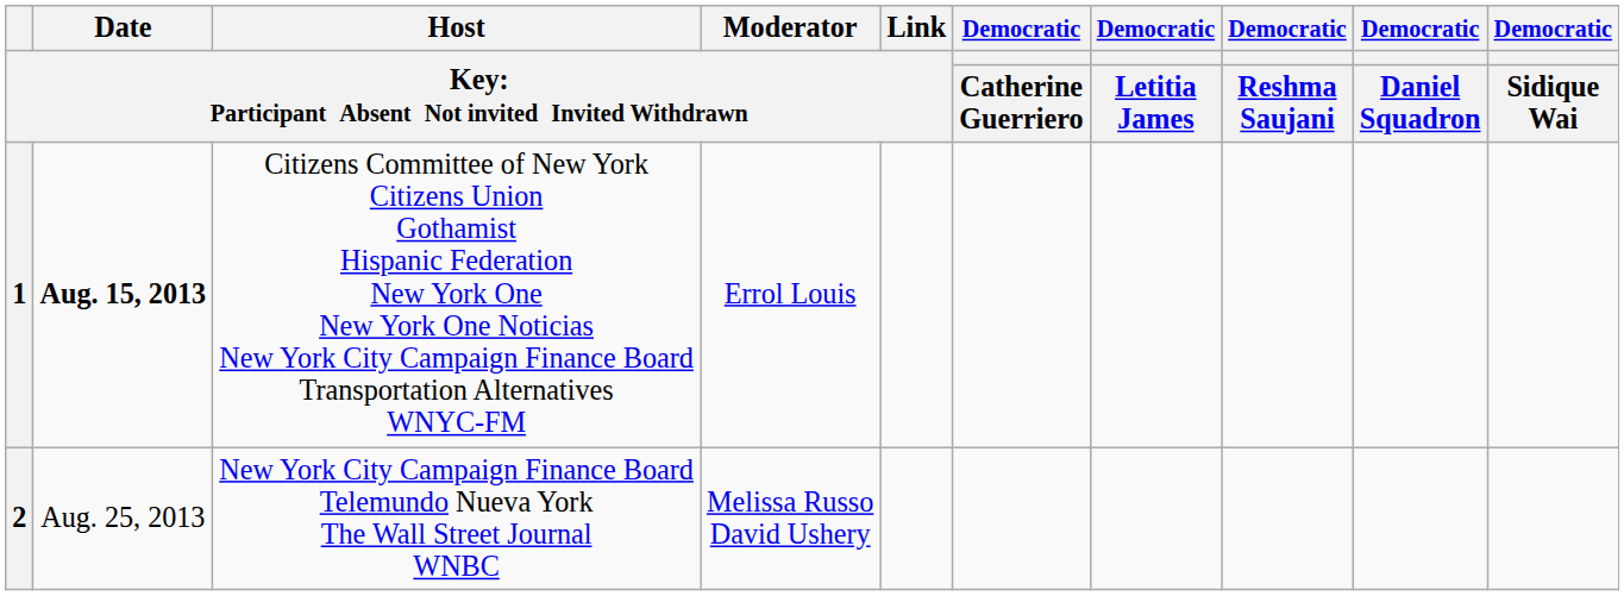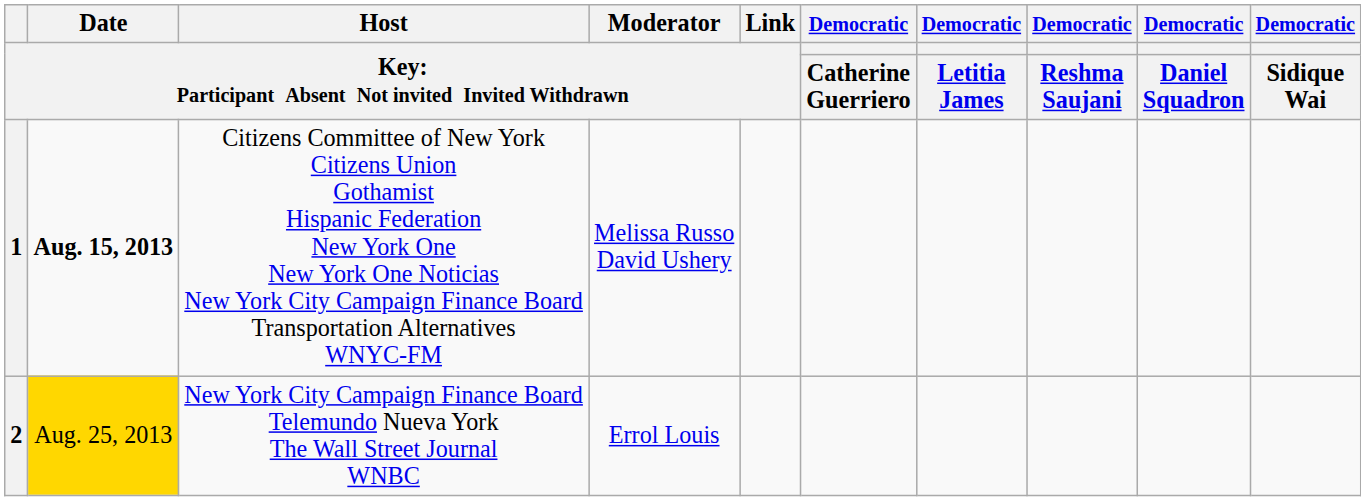 <table class="wikitable" style="text-align:center;">
 <tr>
 <th scope="col"></th>
 <th scope="col">Date</th>
 <th scope="col">Host</th>
 <th scope="col">Moderator</th>
 <th scope="col">Link</th>
 <th scope="col"><small><a href='#'>Democratic</a></small></th>
 <th scope="col"><small><a href='#'>Democratic</a></small></th>
 <th scope="col"><small><a href='#'>Democratic</a></small></th>
 <th scope="col"><small><a href='#'>Democratic</a></small></th>
 <th scope="col"><small><a href='#'>Democratic</a></small></th>
 </tr>
 <tr>
 <th colspan="5" rowspan="2">Key:<br> <small>Participant </small>  <small>Absent </small>  <small>Not invited </small>  <small>Invited  Withdrawn</small></th>
 <th scope="col" style="background:"></th>
 <th scope="col" style="background:"></th>
 <th scope="col" style="background:"></th>
 <th scope="col" style="background:"></th>
 <th scope="col" style="background:"></th>
 </tr>
 <tr>
 <th scope="col">Catherine Guerriero</th>
 <th scope="col"><a href='#'>Letitia James</a></th>
 <th scope="col"><a href='#'>Reshma Saujani</a></th>
 <th scope="col"><a href='#'>Daniel Squadron</a></th>
 <th scope="col">Sidique Wai</th>
 </tr>
 <tr>
 <th>1</th>
 <td style="white-space:nowrap;"><strong>Aug. 15, 2013</strong></td>
 <td style="white-space:nowrap;">Citizens Committee of New York<br><a href='#'>Citizens Union</a><br><a href='#'>Gothamist</a><br><a href='#'>Hispanic Federation</a><br><a href='#'>New York One</a><br><a href='#'>New York One Noticias</a><br><a href='#'>New York City Campaign Finance Board</a><br>Transportation Alternatives<br><a href='#'>WNYC-FM</a></td>
-<td style="white-space:nowrap;"><a href='#'>Errol Louis</a></td>
+<td style="white-space:nowrap;"><a href='#'>Melissa Russo</a><br><a href='#'>David Ushery</a></td>
 <td style="white-space:nowrap;"></td>
 <td></td>
 <td></td>
 <td></td>
 <td></td>
 <td></td>
 </tr>
 <tr>
 <th>2</th>
-<td style="white-space:nowrap;">Aug. 25, 2013</td>
+<td style="background: gold; white-space:nowrap;">Aug. 25, 2013</td>
 <td style="white-space:nowrap;"><a href='#'>New York City Campaign Finance Board</a><br><a href='#'>Telemundo</a> Nueva York<br><a href='#'>The Wall Street Journal</a><br><a href='#'>WNBC</a></td>
-<td style="white-space:nowrap;"><a href='#'>Melissa Russo</a><br><a href='#'>David Ushery</a></td>
+<td style="white-space:nowrap;"><a href='#'>Errol Louis</a></td>
 <td style="white-space:nowrap;"></td>
 <td></td>
 <td></td>
 <td></td>
 <td></td>
 <td></td>
 </tr>
 </table>
